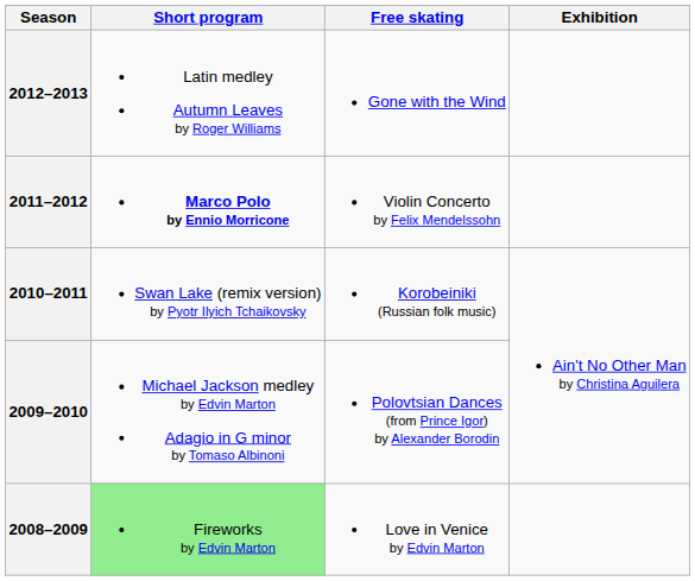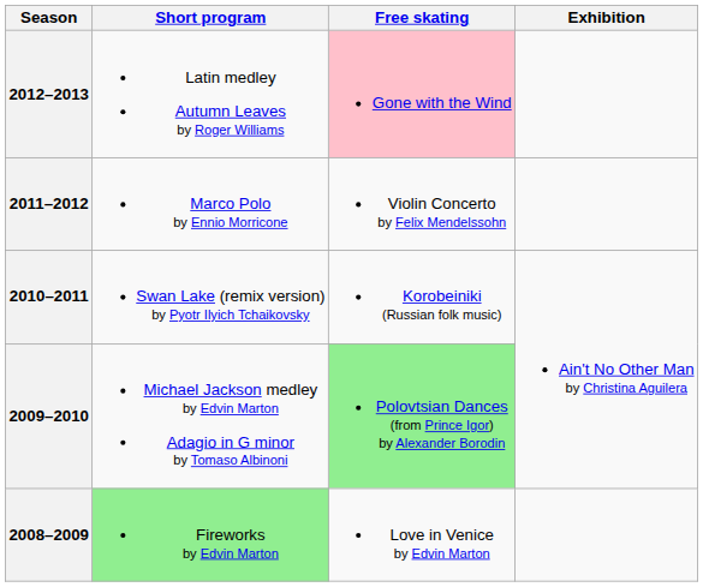 <table class="wikitable" style="text-align:center">
 <tr>
 <th>Season</th>
 <th><a href='#'>Short program</a></th>
 <th><a href='#'>Free skating</a></th>
 <th>Exhibition</th>
 </tr>
 <tr>
 <th>2012–2013 <br> </th>
 <td><br><ul><li>Latin medley</li></ul><ul><li><a href='#'>Autumn Leaves</a> <br><small> by <a href='#'>Roger Williams</a> </small></li></ul></td>
-<td><br><ul><li><a href='#'>Gone with the Wind</a></li></ul></td>
+<td style="background: pink;"><br><ul><li><a href='#'>Gone with the Wind</a></li></ul></td>
 <td></td>
 </tr>
 <tr>
 <th>2011–2012 <br> </th>
-<td><strong><br><ul><li><a href='#'>Marco Polo</a> <br><small> by <a href='#'>Ennio Morricone</a> </small></li></ul></strong></td>
+<td><br><ul><li><a href='#'>Marco Polo</a> <br><small> by <a href='#'>Ennio Morricone</a> </small></li></ul></td>
 <td><br><ul><li>Violin Concerto <br><small> by <a href='#'>Felix Mendelssohn</a> </small></li></ul></td>
 <td></td>
 </tr>
 <tr>
 <th>2010–2011 <br> </th>
 <td><br><ul><li><a href='#'>Swan Lake</a> (remix version) <br><small> by <a href='#'>Pyotr Ilyich Tchaikovsky</a> </small></li></ul></td>
 <td><br><ul><li><a href='#'>Korobeiniki</a> <br><small> (Russian folk music)</small></li></ul></td>
 <td rowspan=2><br><ul><li><a href='#'>Ain't No Other Man</a> <br><small> by <a href='#'>Christina Aguilera</a> </small></li></ul></td>
 </tr>
 <tr>
 <th>2009–2010 <br> </th>
 <td><br><ul><li><a href='#'>Michael Jackson</a> medley <br><small> by <a href='#'>Edvin Marton</a> </small></li></ul><ul><li><a href='#'>Adagio in G minor</a> <br><small> by <a href='#'>Tomaso Albinoni</a> </small></li></ul></td>
-<td><br><ul><li><a href='#'>Polovtsian Dances</a> <br><small> (from <a href='#'>Prince Igor</a>) <br> by <a href='#'>Alexander Borodin</a> </small></li></ul></td>
+<td style="background: lightgreen;"><br><ul><li><a href='#'>Polovtsian Dances</a> <br><small> (from <a href='#'>Prince Igor</a>) <br> by <a href='#'>Alexander Borodin</a> </small></li></ul></td>
 </tr>
 <tr>
 <th>2008–2009</th>
 <td style="background: lightgreen;"><br><ul><li>Fireworks <br><small> by <a href='#'>Edvin Marton</a> </small></li></ul></td>
 <td><br><ul><li>Love in Venice <br><small> by <a href='#'>Edvin Marton</a> </small></li></ul></td>
 <td></td>
 </tr>
 </table>
